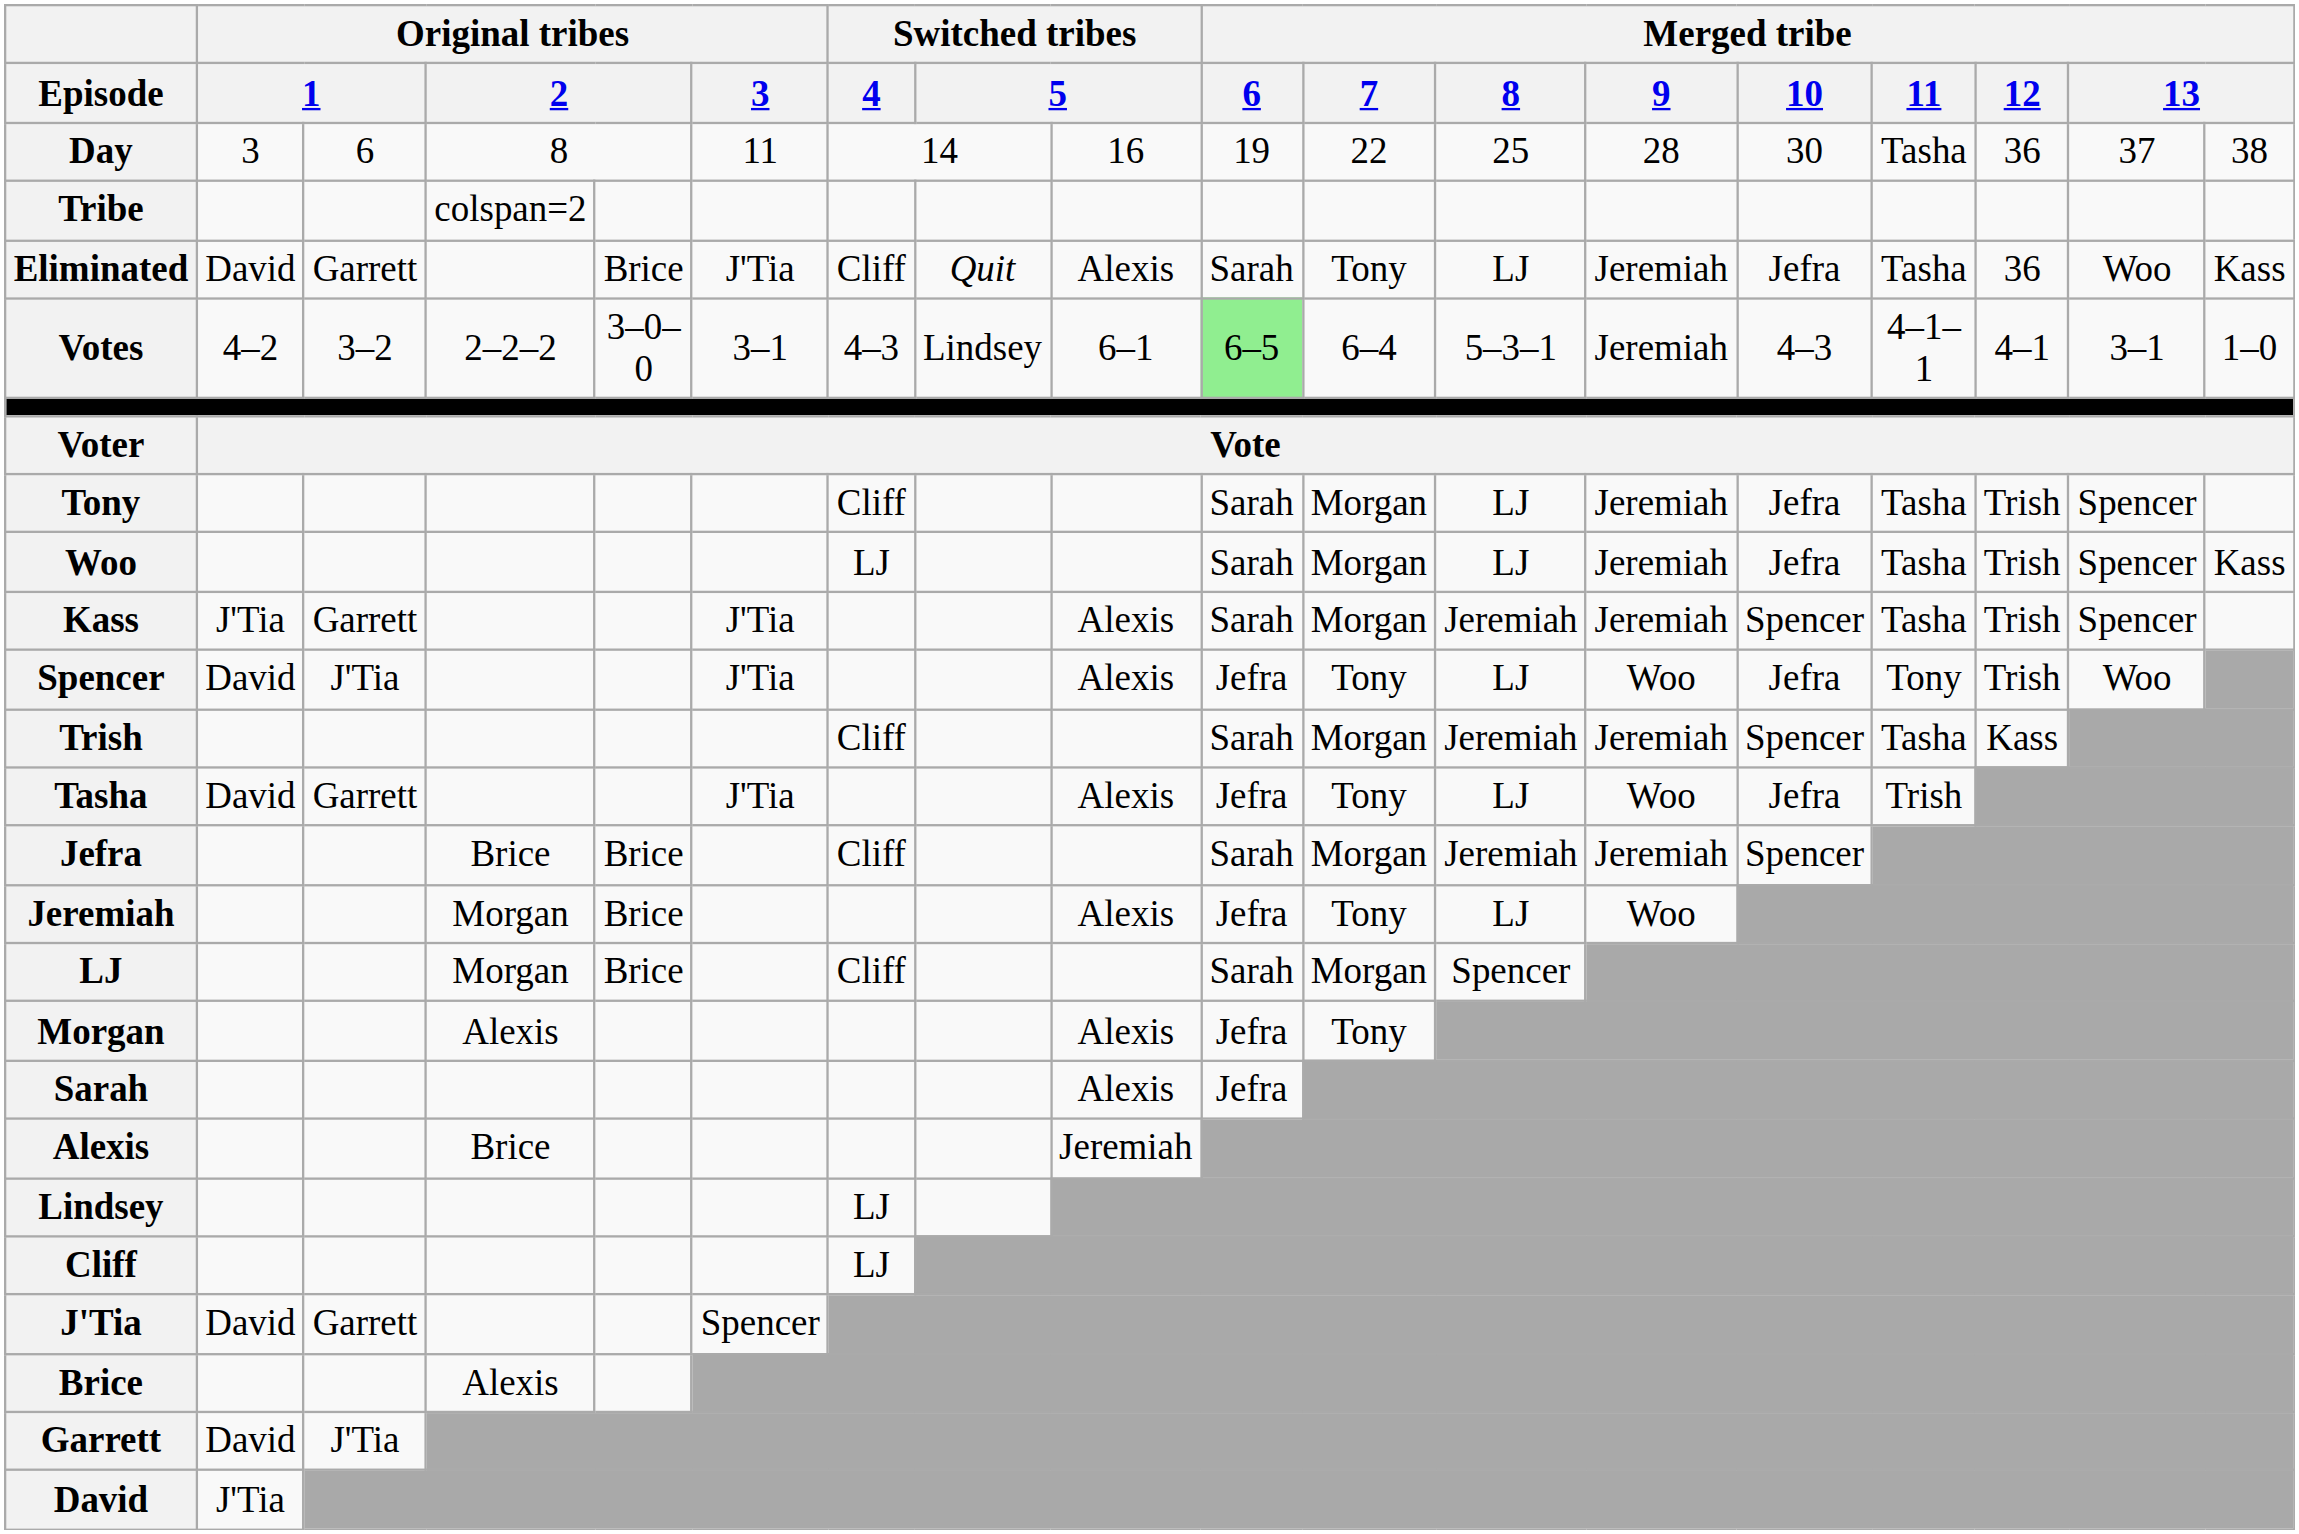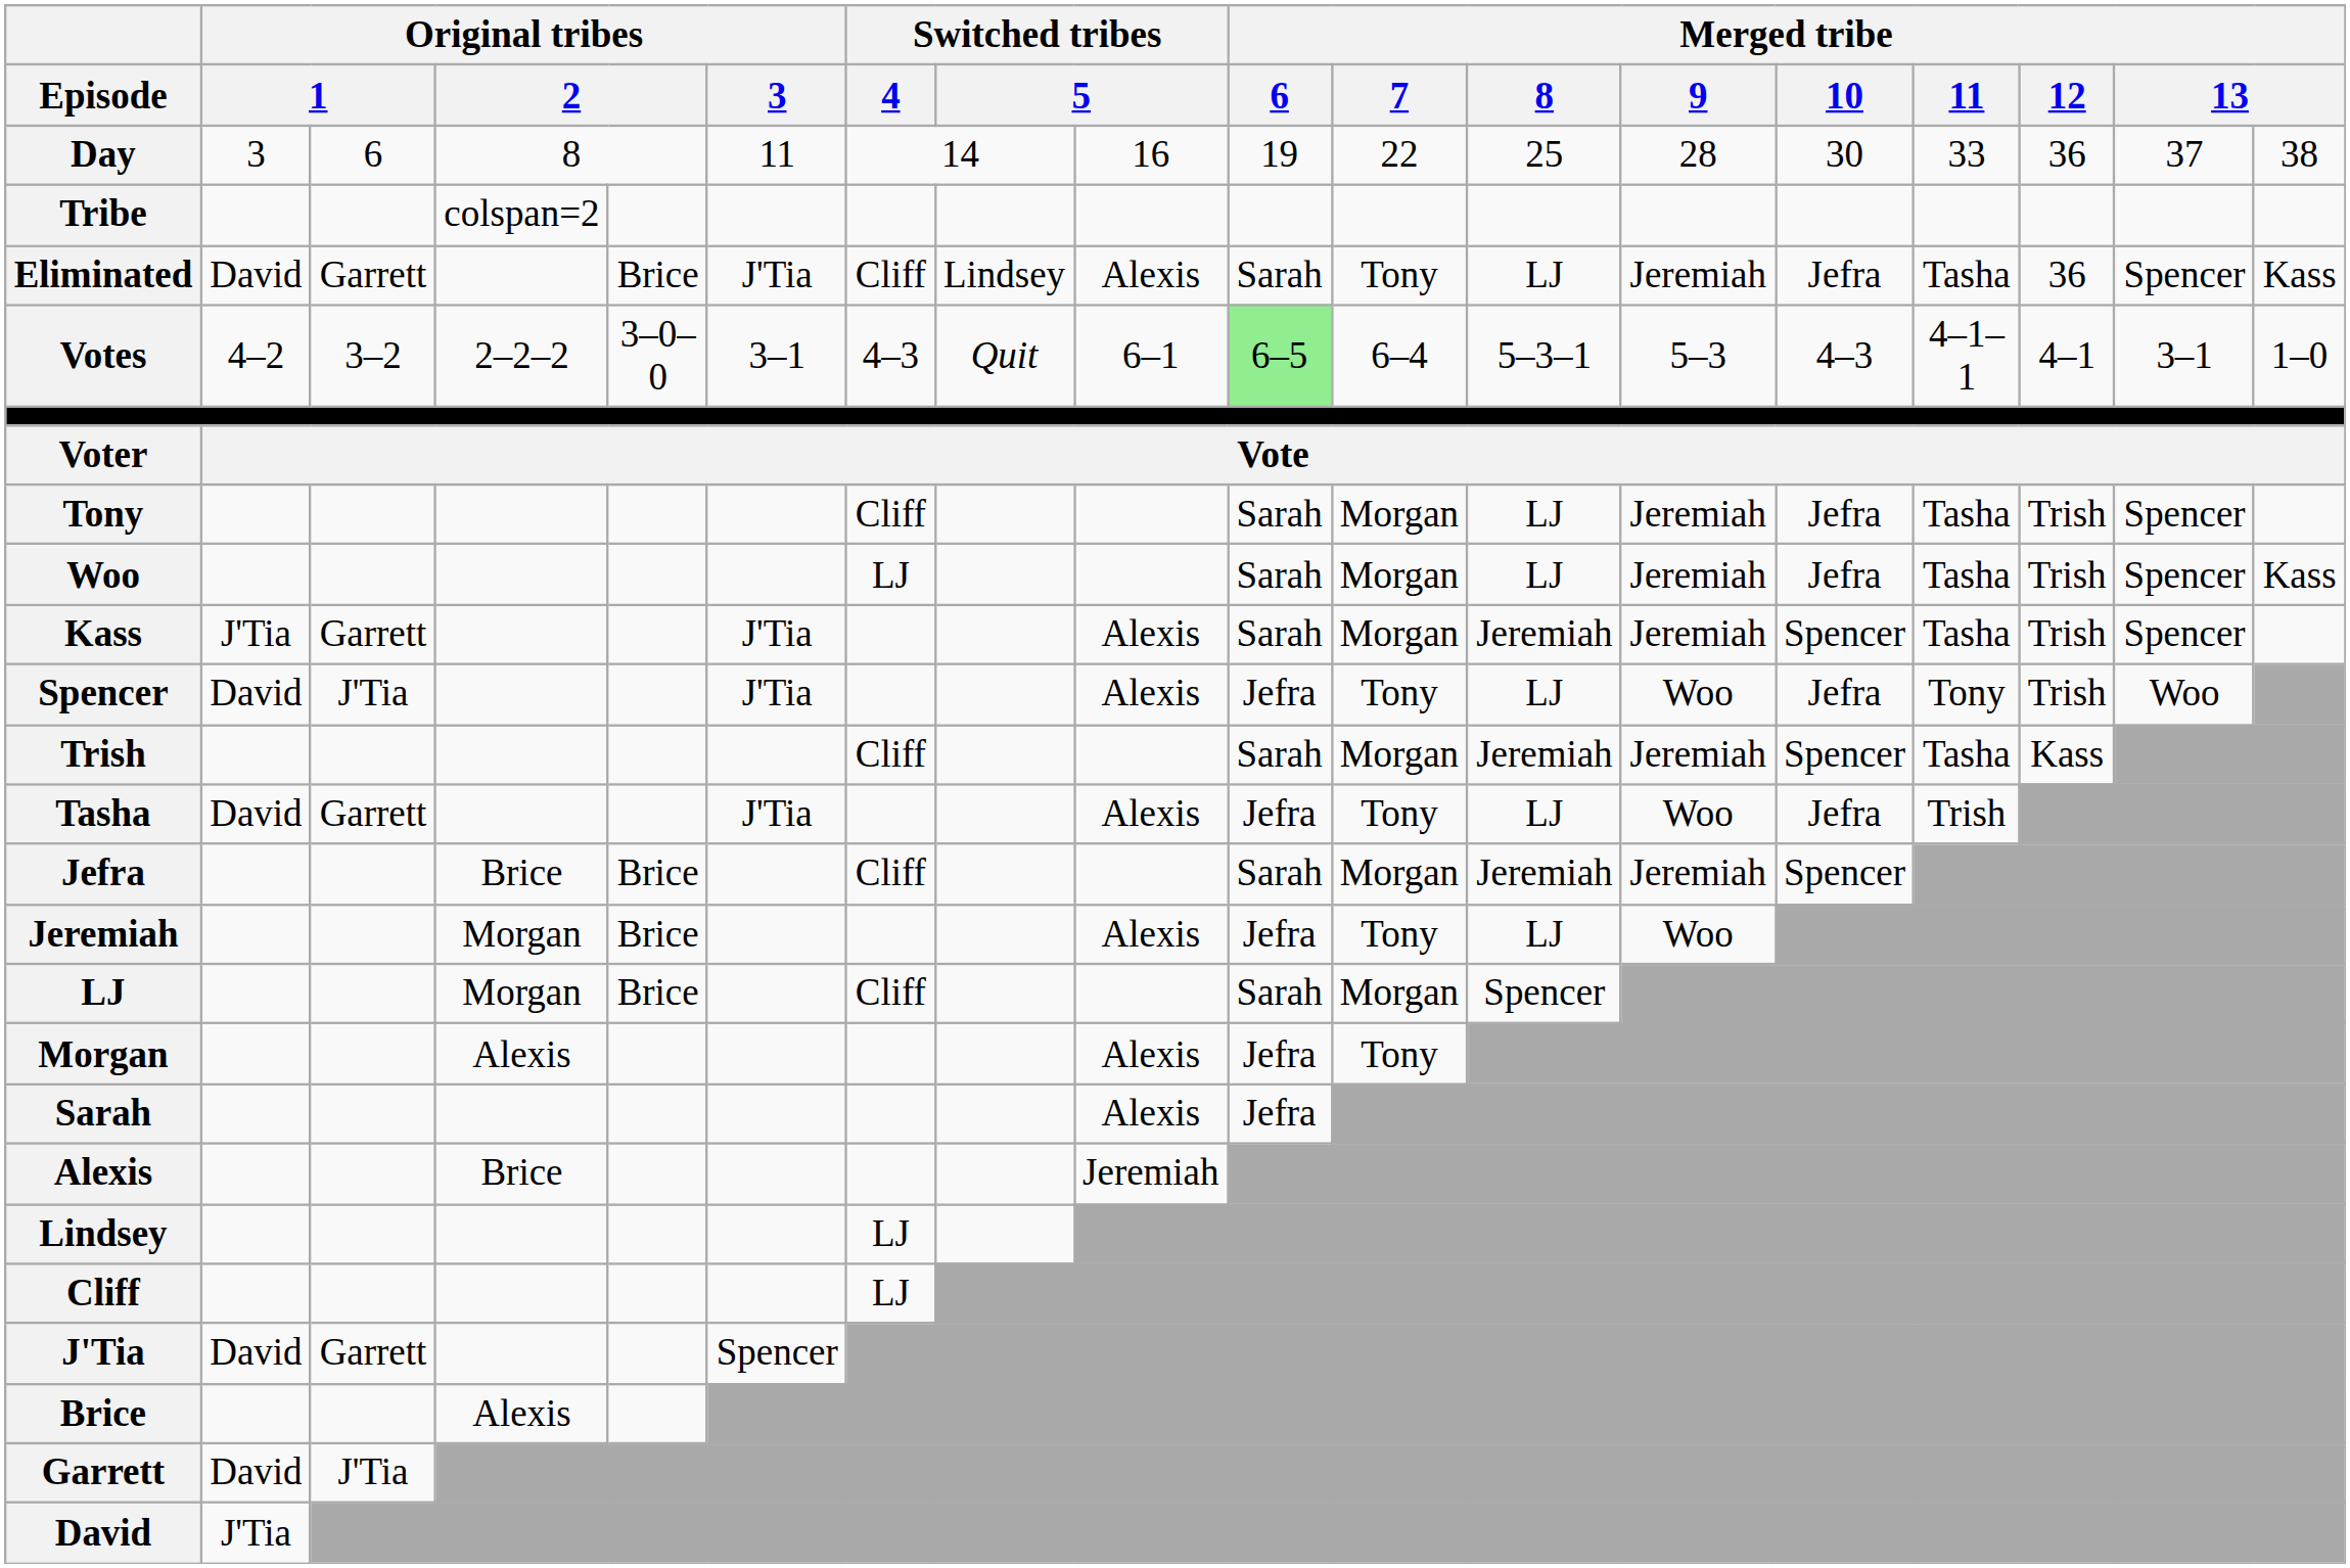 <table class="wikitable" style="text-align:center">
 <tr>
 <th></th>
 <th colspan=5>Original tribes</th>
 <th colspan=3>Switched tribes</th>
 <th colspan=11>Merged tribe</th>
 </tr>
 <tr>
 <th>Episode</th>
 <th colspan=2><a href='#'>1</a></th>
 <th colspan=2><a href='#'>2</a></th>
 <th><a href='#'>3</a></th>
 <th><a href='#'>4</a></th>
 <th colspan=2><a href='#'>5</a></th>
 <th><a href='#'>6</a></th>
 <th><a href='#'>7</a></th>
 <th><a href='#'>8</a></th>
 <th><a href='#'>9</a></th>
 <th><a href='#'>10</a></th>
 <th><a href='#'>11</a></th>
 <th><a href='#'>12</a></th>
 <th colspan=2><a href='#'>13</a></th>
 </tr>
 <tr>
 <th>Day</th>
 <td>3</td>
 <td>6</td>
 <td colspan=2>8</td>
 <td>11</td>
 <td colspan=2>14</td>
 <td>16</td>
 <td>19</td>
 <td>22</td>
 <td>25</td>
 <td>28</td>
 <td>30</td>
-<td>Tasha</td>
+<td>33</td>
 <td>36</td>
 <td>37</td>
 <td>38</td>
 </tr>
 <tr>
 <th>Tribe</th>
 <td></td>
 <td></td>
 <td>colspan=2 </td>
 <td></td>
 <td></td>
 <td></td>
 <td></td>
 <td></td>
 <td></td>
 <td></td>
 <td></td>
 <td></td>
 <td></td>
 <td></td>
 <td></td>
 <td></td>
 </tr>
 <tr>
 <th>Eliminated</th>
 <td>David</td>
 <td>Garrett</td>
 <td></td>
 <td>Brice</td>
 <td>J'Tia</td>
 <td>Cliff</td>
-<td><em>Quit</em></td>
+<td>Lindsey</td>
 <td>Alexis</td>
 <td>Sarah</td>
 <td>Tony</td>
 <td>LJ</td>
 <td>Jeremiah</td>
 <td>Jefra</td>
 <td>Tasha</td>
 <td>36</td>
-<td>Woo</td>
+<td>Spencer</td>
 <td>Kass</td>
 </tr>
 <tr>
 <th>Votes</th>
 <td>4–2</td>
 <td>3–2</td>
 <td>2–2–2</td>
 <td>3–0–0</td>
 <td>3–1</td>
 <td>4–3</td>
-<td>Lindsey</td>
+<td><em>Quit</em></td>
 <td>6–1</td>
 <td style="background: lightgreen;">6–5</td>
 <td>6–4</td>
 <td>5–3–1</td>
-<td>Jeremiah</td>
+<td>5–3</td>
 <td>4–3</td>
 <td>4–1–1</td>
 <td>4–1</td>
 <td>3–1</td>
 <td>1–0</td>
 </tr>
 <tr>
 <td colspan="20" bgcolor="black"></td>
 </tr>
 <tr>
 <th>Voter</th>
 <th colspan=17>Vote</th>
 </tr>
 <tr>
 <th>Tony</th>
 <td></td>
 <td></td>
 <td></td>
 <td></td>
 <td></td>
 <td>Cliff</td>
 <td></td>
 <td></td>
 <td>Sarah</td>
 <td>Morgan</td>
 <td>LJ</td>
 <td>Jeremiah</td>
 <td>Jefra</td>
 <td>Tasha</td>
 <td>Trish</td>
 <td>Spencer</td>
 <td></td>
 </tr>
 <tr>
 <th>Woo</th>
 <td></td>
 <td></td>
 <td></td>
 <td></td>
 <td></td>
 <td>LJ</td>
 <td></td>
 <td></td>
 <td>Sarah</td>
 <td>Morgan</td>
 <td>LJ</td>
 <td>Jeremiah</td>
 <td>Jefra</td>
 <td>Tasha</td>
 <td>Trish</td>
 <td>Spencer</td>
 <td>Kass</td>
 </tr>
 <tr>
 <th>Kass</th>
 <td>J'Tia</td>
 <td>Garrett</td>
 <td></td>
 <td></td>
 <td>J'Tia</td>
 <td></td>
 <td></td>
 <td>Alexis</td>
 <td>Sarah</td>
 <td>Morgan</td>
 <td>Jeremiah</td>
 <td>Jeremiah</td>
 <td>Spencer</td>
 <td>Tasha</td>
 <td>Trish</td>
 <td>Spencer</td>
 <td></td>
 </tr>
 <tr>
 <th>Spencer</th>
 <td>David</td>
 <td>J'Tia</td>
 <td></td>
 <td></td>
 <td>J'Tia</td>
 <td></td>
 <td></td>
 <td>Alexis</td>
 <td>Jefra</td>
 <td>Tony</td>
 <td>LJ</td>
 <td>Woo</td>
 <td>Jefra</td>
 <td>Tony</td>
 <td>Trish</td>
 <td>Woo</td>
 <td bgcolor=A9A9A9></td>
 </tr>
 <tr>
 <th>Trish</th>
 <td></td>
 <td></td>
 <td></td>
 <td></td>
 <td></td>
 <td>Cliff</td>
 <td></td>
 <td></td>
 <td>Sarah</td>
 <td>Morgan</td>
 <td>Jeremiah</td>
 <td>Jeremiah</td>
 <td>Spencer</td>
 <td>Tasha</td>
 <td>Kass</td>
 <td colspan=2 bgcolor=A9A9A9></td>
 </tr>
 <tr>
 <th>Tasha</th>
 <td>David</td>
 <td>Garrett</td>
 <td></td>
 <td></td>
 <td>J'Tia</td>
 <td></td>
 <td></td>
 <td>Alexis</td>
 <td>Jefra</td>
 <td>Tony</td>
 <td>LJ</td>
 <td>Woo</td>
 <td>Jefra</td>
 <td>Trish</td>
 <td colspan=3 bgcolor=A9A9A9></td>
 </tr>
 <tr>
 <th>Jefra</th>
 <td></td>
 <td></td>
 <td>Brice</td>
 <td>Brice</td>
 <td></td>
 <td>Cliff</td>
 <td></td>
 <td></td>
 <td>Sarah</td>
 <td>Morgan</td>
 <td>Jeremiah</td>
 <td>Jeremiah</td>
 <td>Spencer</td>
 <td colspan=4 bgcolor=A9A9A9></td>
 </tr>
 <tr>
 <th>Jeremiah</th>
 <td></td>
 <td></td>
 <td>Morgan</td>
 <td>Brice</td>
 <td></td>
 <td></td>
 <td></td>
 <td>Alexis</td>
 <td>Jefra</td>
 <td>Tony</td>
 <td>LJ</td>
 <td>Woo</td>
 <td colspan=5 bgcolor=A9A9A9></td>
 </tr>
 <tr>
 <th>LJ</th>
 <td></td>
 <td></td>
 <td>Morgan</td>
 <td>Brice</td>
 <td></td>
 <td>Cliff</td>
 <td></td>
 <td></td>
 <td>Sarah</td>
 <td>Morgan</td>
 <td>Spencer</td>
 <td colspan=6 bgcolor=A9A9A9></td>
 </tr>
 <tr>
 <th>Morgan</th>
 <td></td>
 <td></td>
 <td>Alexis</td>
 <td></td>
 <td></td>
 <td></td>
 <td></td>
 <td>Alexis</td>
 <td>Jefra</td>
 <td>Tony</td>
 <td colspan=7 bgcolor=A9A9A9></td>
 </tr>
 <tr>
 <th>Sarah</th>
 <td></td>
 <td></td>
 <td></td>
 <td></td>
 <td></td>
 <td></td>
 <td></td>
 <td>Alexis</td>
 <td>Jefra</td>
 <td colspan=8 bgcolor=A9A9A9></td>
 </tr>
 <tr>
 <th>Alexis</th>
 <td></td>
 <td></td>
 <td>Brice</td>
 <td></td>
 <td></td>
 <td></td>
 <td></td>
 <td>Jeremiah</td>
 <td colspan=9 bgcolor=A9A9A9></td>
 </tr>
 <tr>
 <th>Lindsey</th>
 <td></td>
 <td></td>
 <td></td>
 <td></td>
 <td></td>
 <td>LJ</td>
 <td></td>
 <td colspan=10 bgcolor=A9A9A9></td>
 </tr>
 <tr>
 <th>Cliff</th>
 <td></td>
 <td></td>
 <td></td>
 <td></td>
 <td></td>
 <td>LJ</td>
 <td colspan=11 bgcolor=A9A9A9></td>
 </tr>
 <tr>
 <th>J'Tia</th>
 <td>David</td>
 <td>Garrett</td>
 <td></td>
 <td></td>
 <td>Spencer</td>
 <td colspan=12 bgcolor=A9A9A9></td>
 </tr>
 <tr>
 <th>Brice</th>
 <td></td>
 <td></td>
 <td>Alexis</td>
 <td></td>
 <td colspan=13 bgcolor=A9A9A9></td>
 </tr>
 <tr>
 <th>Garrett</th>
 <td>David</td>
 <td>J'Tia</td>
 <td colspan=15 bgcolor=A9A9A9></td>
 </tr>
 <tr>
 <th>David</th>
 <td>J'Tia</td>
 <td colspan=16 bgcolor=A9A9A9></td>
 </tr>
 </table>
